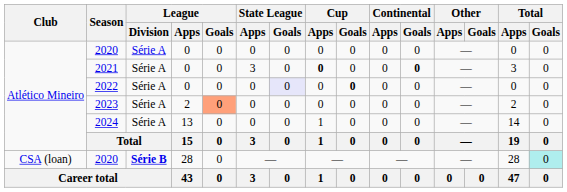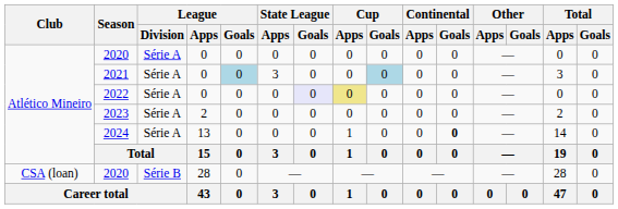 <table class="wikitable" style="text-align: center;">
 <tr>
 <th rowspan="2">Club</th>
 <th rowspan="2">Season</th>
 <th colspan="3">League</th>
 <th colspan="2">State League</th>
 <th colspan="2">Cup</th>
 <th colspan="2">Continental</th>
 <th colspan="2">Other</th>
 <th colspan="2">Total</th>
 </tr>
 <tr>
 <th>Division</th>
 <th>Apps</th>
 <th>Goals</th>
 <th>Apps</th>
 <th>Goals</th>
 <th>Apps</th>
 <th>Goals</th>
 <th>Apps</th>
 <th>Goals</th>
 <th>Apps</th>
 <th>Goals</th>
 <th>Apps</th>
 <th>Goals</th>
 </tr>
 <tr>
 <td rowspan=6><a href='#'>Atlético Mineiro</a></td>
 <td><a href='#'>2020</a></td>
 <td><a href='#'>Série A</a></td>
 <td>0</td>
 <td>0</td>
 <td>0</td>
 <td>0</td>
 <td>0</td>
 <td>0</td>
 <td>0</td>
 <td>0</td>
 <td colspan=2>—</td>
 <td>0</td>
 <td>0</td>
 </tr>
 <tr>
 <td><a href='#'>2021</a></td>
 <td>Série A</td>
 <td>0</td>
-<td>0</td>
+<td style="background: lightblue;">0</td>
 <td>3</td>
 <td>0</td>
-<td><strong>0</strong></td>
+<td>0</td>
+<td style="background: lightblue;">0</td>
 <td>0</td>
 <td>0</td>
-<td><strong>0</strong></td>
 <td colspan=2>—</td>
 <td>3</td>
 <td>0</td>
 </tr>
 <tr>
 <td><a href='#'>2022</a></td>
 <td>Série A</td>
 <td>0</td>
 <td>0</td>
 <td>0</td>
 <td style="background: lavender;">0</td>
+<td style="background: khaki;">0</td>
 <td>0</td>
-<td><strong>0</strong></td>
 <td>0</td>
 <td>0</td>
 <td colspan=2>—</td>
 <td>0</td>
 <td>0</td>
 </tr>
 <tr>
 <td><a href='#'>2023</a></td>
 <td>Série A</td>
 <td>2</td>
-<td style="background: lightsalmon;">0</td>
+<td>0</td>
 <td>0</td>
 <td>0</td>
 <td>0</td>
 <td>0</td>
 <td>0</td>
 <td>0</td>
 <td colspan=2>—</td>
 <td>2</td>
 <td>0</td>
 </tr>
 <tr>
 <td><a href='#'>2024</a></td>
 <td>Série A</td>
 <td>13</td>
 <td>0</td>
 <td>0</td>
 <td>0</td>
 <td>1</td>
 <td>0</td>
 <td>0</td>
-<td>0</td>
+<td><strong>0</strong></td>
 <td colspan=2>—</td>
 <td>14</td>
 <td>0</td>
 </tr>
 <tr>
 <th colspan="2">Total</th>
 <th>15</th>
 <th>0</th>
 <th>3</th>
 <th>0</th>
 <th>1</th>
 <th>0</th>
 <th>0</th>
 <th>0</th>
 <th colspan=2>—</th>
 <th>19</th>
 <th>0</th>
 </tr>
 <tr>
 <td><a href='#'>CSA</a> (loan)</td>
 <td><a href='#'>2020</a></td>
-<td><strong><a href='#'>Série B</a></strong></td>
+<td><a href='#'>Série B</a></td>
 <td>28</td>
 <td>0</td>
 <td colspan="2">—</td>
 <td colspan="2">—</td>
 <td colspan="2">—</td>
 <td colspan="2">—</td>
 <td>28</td>
-<td style="background: paleturquoise;">0</td>
+<td>0</td>
 </tr>
 <tr>
 <th colspan="3">Career total</th>
 <th>43</th>
 <th>0</th>
 <th>3</th>
 <th>0</th>
 <th>1</th>
 <th>0</th>
 <th>0</th>
 <th>0</th>
 <th>0</th>
 <th>0</th>
 <th>47</th>
 <th>0</th>
 </tr>
 </table>
